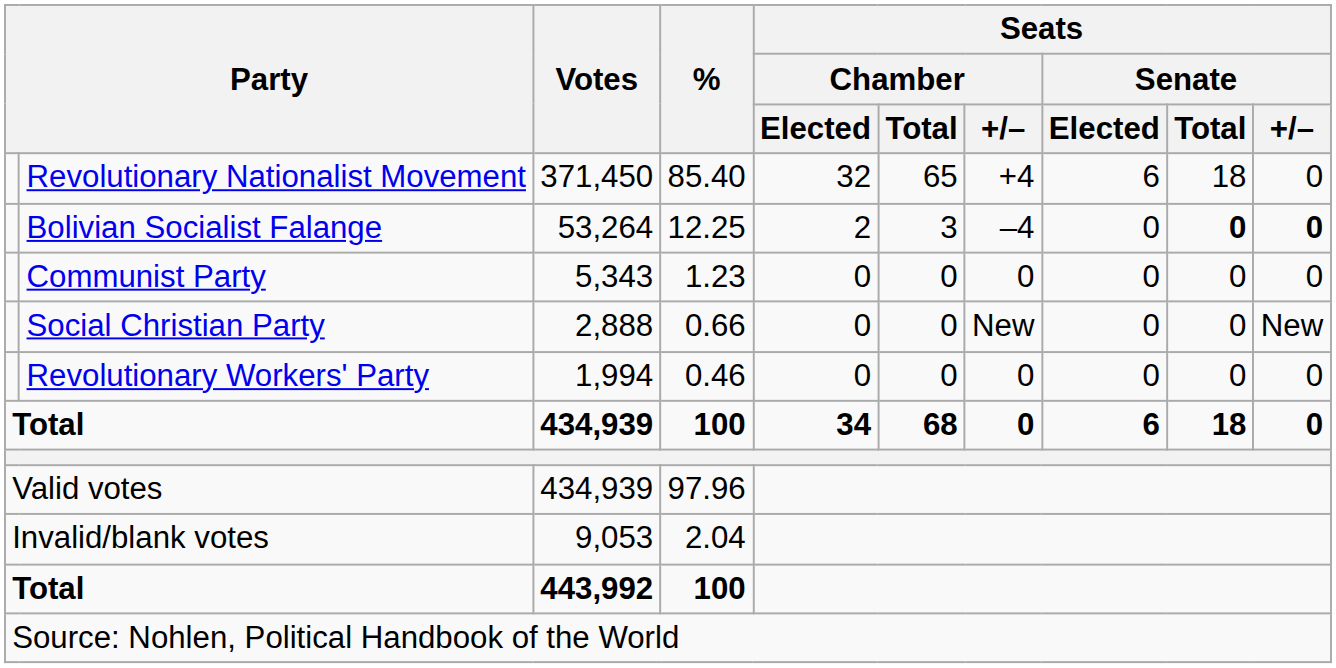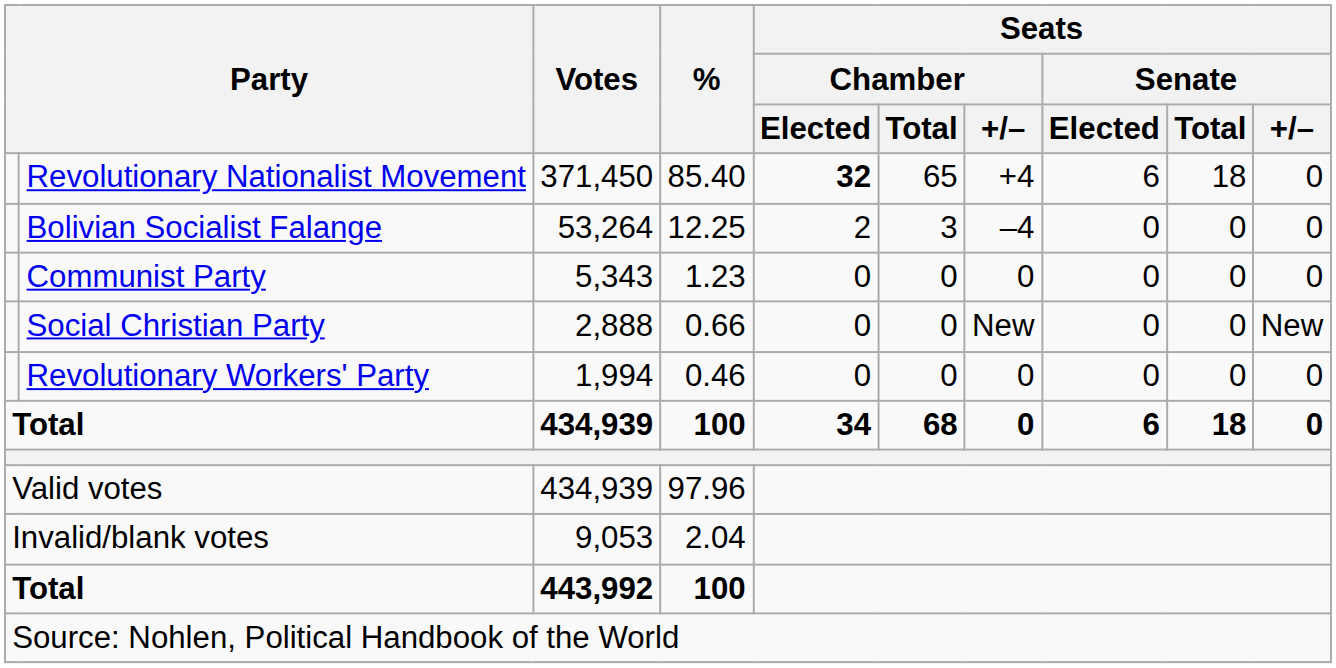 <table class="wikitable sortable" style=text-align:right>
 <tr>
 <th rowspan=3 colspan=2>Party</th>
 <th rowspan=3>Votes</th>
 <th rowspan=3>%</th>
 <th colspan=6>Seats</th>
 </tr>
 <tr>
 <th colspan=3>Chamber</th>
 <th colspan=3>Senate</th>
 </tr>
 <tr>
 <th>Elected</th>
 <th>Total</th>
 <th>+/–</th>
 <th>Elected</th>
 <th>Total</th>
 <th>+/–</th>
 </tr>
 <tr>
 <td bgcolor=></td>
 <td align=left><a href='#'>Revolutionary Nationalist Movement</a></td>
 <td>371,450</td>
 <td>85.40</td>
-<td>32</td>
+<td><strong>32</strong></td>
 <td>65</td>
 <td>+4</td>
 <td>6</td>
 <td>18</td>
 <td>0</td>
 </tr>
 <tr>
 <td bgcolor=></td>
 <td align=left><a href='#'>Bolivian Socialist Falange</a></td>
 <td>53,264</td>
 <td>12.25</td>
 <td>2</td>
 <td>3</td>
 <td>–4</td>
 <td>0</td>
-<td><strong>0</strong></td>
-<td><strong>0</strong></td>
+<td>0</td>
+<td>0</td>
 </tr>
 <tr>
 <td bgcolor=></td>
 <td align=left><a href='#'>Communist Party</a></td>
 <td>5,343</td>
 <td>1.23</td>
 <td>0</td>
 <td>0</td>
 <td>0</td>
 <td>0</td>
 <td>0</td>
 <td>0</td>
 </tr>
 <tr>
 <td bgcolor=></td>
 <td align=left><a href='#'>Social Christian Party</a></td>
 <td>2,888</td>
 <td>0.66</td>
 <td>0</td>
 <td>0</td>
 <td>New</td>
 <td>0</td>
 <td>0</td>
 <td>New</td>
 </tr>
 <tr>
 <td bgcolor=></td>
 <td align=left><a href='#'>Revolutionary Workers' Party</a></td>
 <td>1,994</td>
 <td>0.46</td>
 <td>0</td>
 <td>0</td>
 <td>0</td>
 <td>0</td>
 <td>0</td>
 <td>0</td>
 </tr>
 <tr class=sortbottom>
 <td align=left colspan=2><strong>Total</strong></td>
 <td><strong>434,939</strong></td>
 <td><strong>100</strong></td>
 <td><strong>34</strong></td>
 <td><strong>68</strong></td>
 <td><strong>0</strong></td>
 <td><strong>6</strong></td>
 <td><strong>18</strong></td>
 <td><strong>0</strong></td>
 </tr>
 <tr class=sortbottom>
 <th colspan=10></th>
 </tr>
 <tr class=sortbottom>
 <td align=left colspan=2>Valid votes</td>
 <td>434,939</td>
 <td>97.96</td>
 <td colspan=6></td>
 </tr>
 <tr class=sortbottom>
 <td align=left colspan=2>Invalid/blank votes</td>
 <td>9,053</td>
 <td>2.04</td>
 <td colspan=6></td>
 </tr>
 <tr class=sortbottom>
 <td align=left colspan=2><strong>Total</strong></td>
 <td><strong>443,992</strong></td>
 <td><strong>100</strong></td>
 <td colspan=6></td>
 </tr>
 <tr class=sortbottom>
 <td align=left colspan=10>Source: Nohlen, Political Handbook of the World</td>
 </tr>
 </table>
